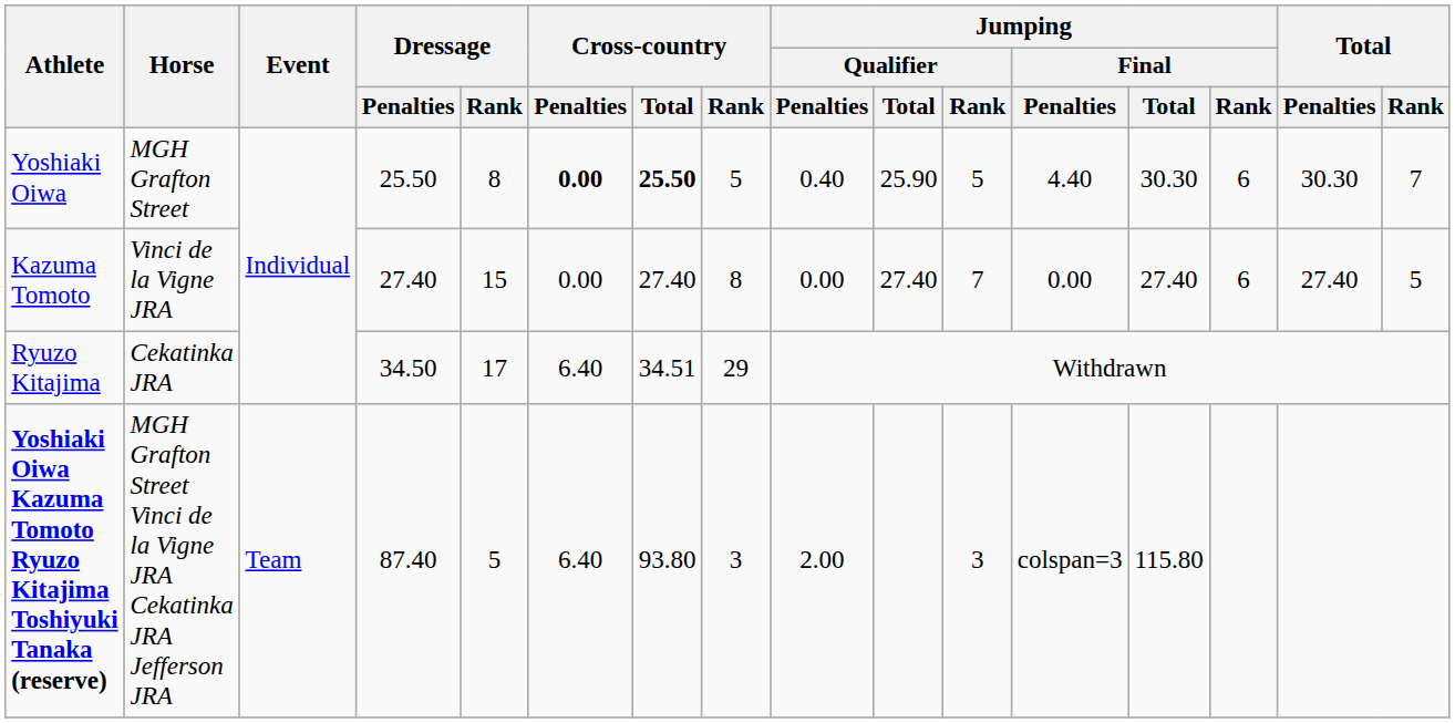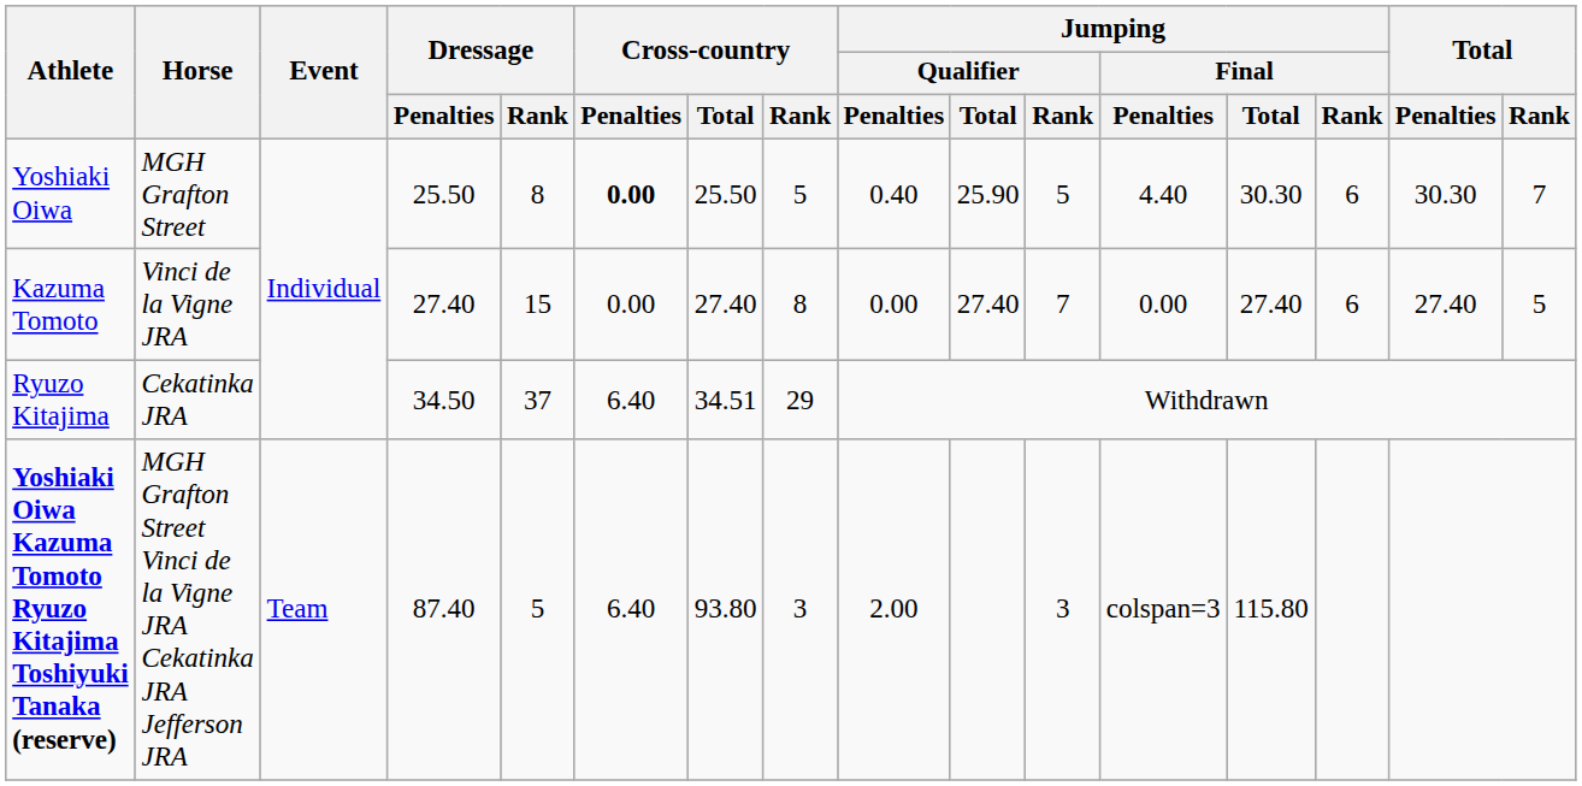 <table class=wikitable style=font-size:90%;text-align:center>
 <tr>
 <th rowspan="3">Athlete</th>
 <th rowspan="3">Horse</th>
 <th rowspan="3">Event</th>
 <th colspan="2" rowspan="2">Dressage</th>
 <th colspan="3" rowspan="2">Cross-country</th>
 <th colspan="6">Jumping</th>
 <th colspan="2" rowspan="2">Total</th>
 </tr>
 <tr style="font-size:95%">
 <th colspan="3">Qualifier</th>
 <th colspan="3">Final</th>
 </tr>
 <tr style="font-size:95%">
 <th>Penalties</th>
 <th>Rank</th>
 <th>Penalties</th>
 <th>Total</th>
 <th>Rank</th>
 <th>Penalties</th>
 <th>Total</th>
 <th>Rank</th>
 <th>Penalties</th>
 <th>Total</th>
 <th>Rank</th>
 <th>Penalties</th>
 <th>Rank</th>
 </tr>
 <tr align=center>
 <td align=left><a href='#'>Yoshiaki Oiwa</a></td>
 <td align=left><em>MGH Grafton Street</em></td>
 <td rowspan=3 align=left><a href='#'>Individual</a></td>
 <td>25.50</td>
 <td>8</td>
 <td><strong>0.00</strong></td>
-<td><strong>25.50</strong></td>
+<td>25.50</td>
 <td>5</td>
 <td>0.40</td>
 <td>25.90</td>
 <td>5</td>
 <td>4.40</td>
 <td>30.30</td>
 <td>6</td>
 <td>30.30</td>
 <td>7</td>
 </tr>
 <tr align=center>
 <td align=left><a href='#'>Kazuma Tomoto</a></td>
 <td align=left><em>Vinci de la Vigne JRA</em></td>
 <td>27.40</td>
 <td>15</td>
 <td>0.00</td>
 <td>27.40</td>
 <td>8</td>
 <td>0.00</td>
 <td>27.40</td>
 <td>7</td>
 <td>0.00</td>
 <td>27.40</td>
 <td>6</td>
 <td>27.40</td>
 <td>5</td>
 </tr>
 <tr align=center>
 <td align=left><a href='#'>Ryuzo Kitajima</a></td>
 <td align=left><em>Cekatinka JRA</em></td>
 <td>34.50</td>
-<td>17</td>
+<td>37</td>
 <td>6.40</td>
 <td>34.51</td>
 <td>29</td>
 <td colspan="8">Withdrawn</td>
 </tr>
 <tr align=center>
 <td align=left><strong><a href='#'>Yoshiaki Oiwa</a><br><a href='#'>Kazuma Tomoto</a><br><a href='#'>Ryuzo Kitajima</a><br><a href='#'>Toshiyuki Tanaka</a> (reserve)</strong></td>
 <td align=left><em>MGH Grafton Street</em><br><em>Vinci de la Vigne JRA</em><br><em>Cekatinka JRA</em><br><em>Jefferson JRA</em></td>
 <td align=left><a href='#'>Team</a></td>
 <td>87.40</td>
 <td>5</td>
 <td>6.40</td>
 <td>93.80</td>
 <td>3</td>
 <td>2.00</td>
 <td></td>
 <td>3</td>
 <td>colspan=3 </td>
 <td>115.80</td>
 <td></td>
 </tr>
 </table>
